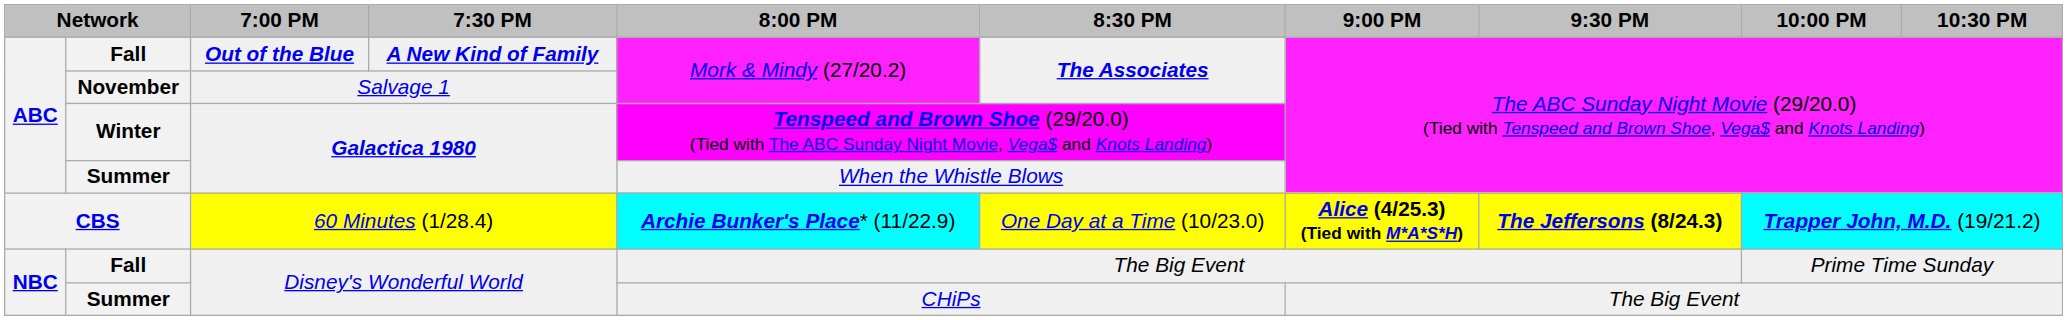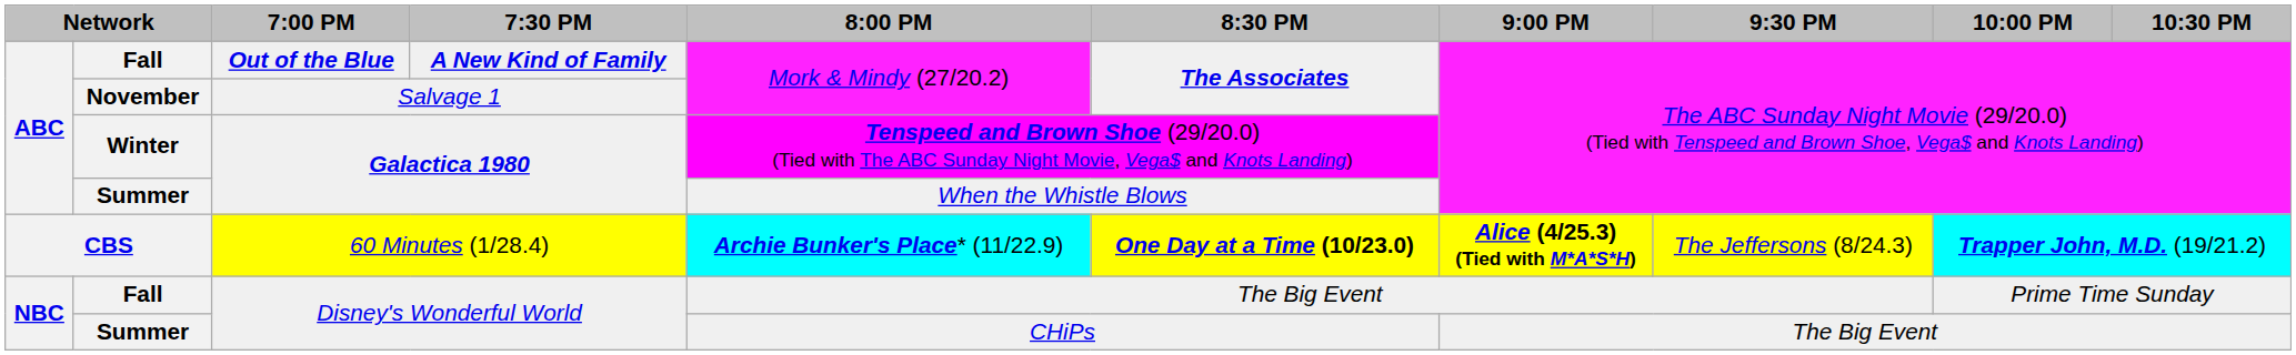 <table class="wikitable plainrowheaders" style="width:100%; margin:auto ;text-align:center;">
 <tr>
 <th colspan="2" style="background-color:#C0C0C0;text-align:center">Network</th>
 <th style="background-color:#C0C0C0;text-align:center">7:00 PM</th>
 <th style="background-color:#C0C0C0;text-align:center">7:30 PM</th>
 <th style="background-color:#C0C0C0;text-align:center">8:00 PM</th>
 <th style="background-color:#C0C0C0;text-align:center">8:30 PM</th>
 <th style="background-color:#C0C0C0;text-align:center">9:00 PM</th>
 <th style="background-color:#C0C0C0;text-align:center">9:30 PM</th>
 <th style="background-color:#C0C0C0;text-align:center">10:00 PM</th>
 <th style="background-color:#C0C0C0;text-align:center">10:30 PM</th>
 </tr>
 <tr>
 <th rowspan="4" bgcolor="#C0C0C0"><a href='#'>ABC</a></th>
 <th>Fall</th>
 <td bgcolor="#F0F0F0"><strong><em><a href='#'>Out of the Blue</a></em></strong></td>
 <td bgcolor="#F0F0F0"><strong><em><a href='#'>A New Kind of Family</a></em></strong></td>
 <td rowspan="2" bgcolor="#FF22FF"><em><a href='#'>Mork & Mindy</a></em> (27/20.2)</td>
 <td rowspan="2" bgcolor="#F0F0F0"><strong><em><a href='#'>The Associates</a></em></strong></td>
 <td colspan="4" rowspan="4" bgcolor="#FF22FF"><em><a href='#'>The ABC Sunday Night Movie</a></em> (29/20.0)<br><small>(Tied with <em><a href='#'>Tenspeed and Brown Shoe</a></em>, <em><a href='#'>Vega$</a></em> and <em><a href='#'>Knots Landing</a></em>)</small></td>
 </tr>
 <tr>
 <th>November</th>
 <td colspan="2" bgcolor="#F0F0F0"><em><a href='#'>Salvage 1</a></em></td>
 </tr>
 <tr>
 <th>Winter</th>
 <td colspan="2" rowspan="2" bgcolor="#F0F0F0"><strong><em><a href='#'>Galactica 1980</a></em></strong></td>
 <td colspan="2" bgcolor="#FF00FF"><strong><em><a href='#'>Tenspeed and Brown Shoe</a></em></strong> (29/20.0)<br><small>(Tied with <a href='#'>The ABC Sunday Night Movie</a>, <em><a href='#'>Vega$</a></em> and <em><a href='#'>Knots Landing</a></em>)</small></td>
 </tr>
 <tr>
 <th>Summer</th>
 <td colspan="2" bgcolor="#F0F0F0"><em><a href='#'>When the Whistle Blows</a></em></td>
 </tr>
 <tr>
 <th bgcolor="#C0C0C0" colspan="2"><a href='#'>CBS</a></th>
 <td bgcolor="#FFFF00" colspan="2"><em><a href='#'>60 Minutes</a></em> (1/28.4)</td>
 <td bgcolor="#00FFFF"><strong><em><a href='#'>Archie Bunker's Place</a></em></strong>* (11/22.9)</td>
-<td bgcolor="#FFFF00"><em><a href='#'>One Day at a Time</a></em> (10/23.0)</td>
+<td bgcolor="#FFFF00"><strong><em><a href='#'>One Day at a Time</a></em> (10/23.0)</strong></td>
 <td bgcolor="#FFFF00"><strong><em><a href='#'>Alice</a></em> (4/25.3)<br><small>(Tied with <em><a href='#'>M*A*S*H</a></em>)</small></strong></td>
-<td bgcolor="#FFFF00"><strong><em><a href='#'>The Jeffersons</a></em> (8/24.3)</strong></td>
+<td bgcolor="#FFFF00"><em><a href='#'>The Jeffersons</a></em> (8/24.3)</td>
 <td bgcolor="#00FFFF" colspan="2"><strong><em><a href='#'>Trapper John, M.D.</a></em></strong> (19/21.2)</td>
 </tr>
 <tr>
 <th rowspan="2" bgcolor="#C0C0C0"><a href='#'>NBC</a></th>
 <th>Fall</th>
 <td colspan="2" rowspan="2" bgcolor="#F0F0F0"><em><a href='#'>Disney's Wonderful World</a></em></td>
 <td bgcolor="#F0F0F0" colspan="4"><em>The Big Event</em></td>
 <td bgcolor="#F0F0F0" colspan="2"><em>Prime Time Sunday</em></td>
 </tr>
 <tr>
 <th>Summer</th>
 <td colspan="2" bgcolor="#F0F0F0"><em><a href='#'>CHiPs</a></em></td>
 <td colspan="4" bgcolor="#F0F0F0"><em>The Big Event</em></td>
 </tr>
 </table>
